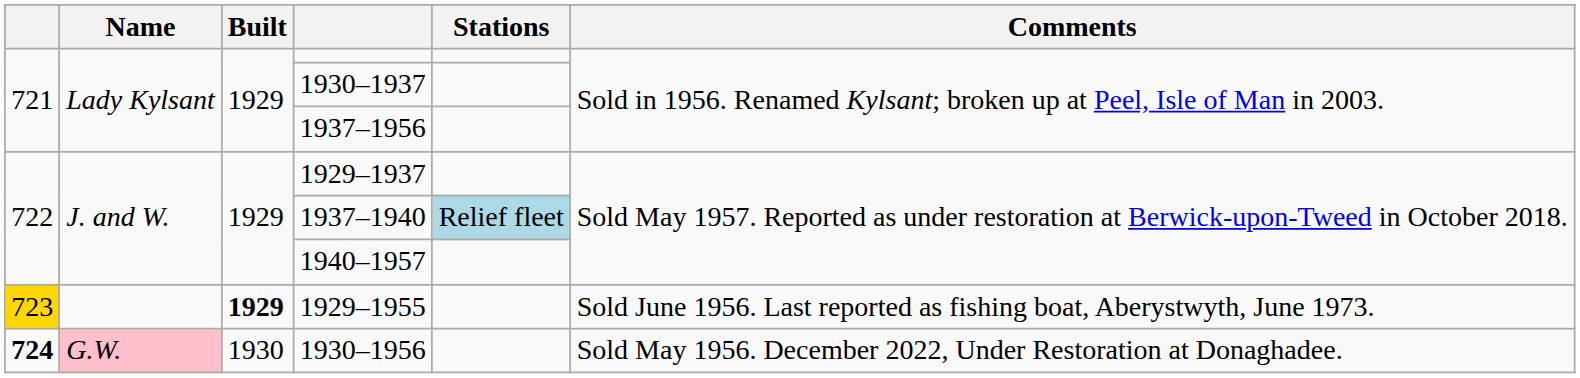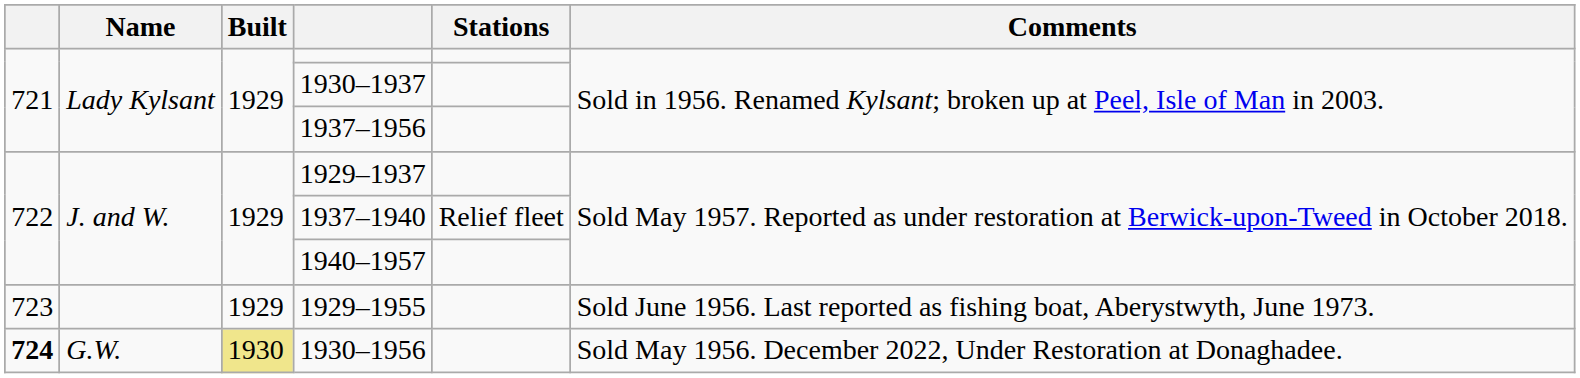 <table class="wikitable sortable">
 <tr>
 <th></th>
 <th>Name</th>
 <th>Built</th>
 <th></th>
 <th>Stations</th>
 <th class=unsortable>Comments</th>
 </tr>
 <tr>
 <td rowspan="3">721</td>
 <td rowspan="3"><em>Lady Kylsant</em></td>
 <td rowspan="3">1929</td>
 <td></td>
 <td></td>
 <td rowspan="3">Sold in 1956. Renamed <em>Kylsant</em>; broken up at <a href='#'>Peel, Isle of Man</a> in 2003.</td>
 </tr>
 <tr>
 <td>1930–1937</td>
 <td></td>
 </tr>
 <tr>
 <td>1937–1956</td>
 <td></td>
 </tr>
 <tr>
 <td rowspan="3">722</td>
 <td rowspan="3"><em>J. and W.</em></td>
 <td rowspan="3">1929</td>
 <td>1929–1937</td>
 <td></td>
 <td rowspan="3">Sold May 1957. Reported as under restoration at <a href='#'>Berwick-upon-Tweed</a> in October 2018.</td>
 </tr>
 <tr>
 <td>1937–1940</td>
-<td style="background: lightblue;">Relief fleet</td>
+<td>Relief fleet</td>
 </tr>
 <tr>
 <td>1940–1957</td>
 <td></td>
 </tr>
 <tr>
-<td style="background: gold;">723</td>
+<td>723</td>
 <td><em></em></td>
-<td><strong>1929</strong></td>
+<td>1929</td>
 <td>1929–1955</td>
 <td></td>
 <td>Sold June 1956. Last reported as fishing boat, Aberystwyth, June 1973.</td>
 </tr>
 <tr>
 <td><strong>724</strong></td>
-<td style="background: pink;"><em>G.W.</em></td>
-<td>1930</td>
+<td><em>G.W.</em></td>
+<td style="background: khaki;">1930</td>
 <td>1930–1956</td>
 <td></td>
 <td>Sold May 1956. December 2022, Under Restoration at Donaghadee.</td>
 </tr>
 </table>
